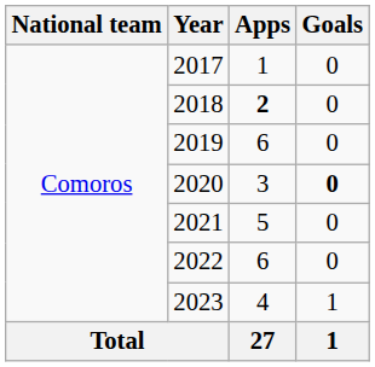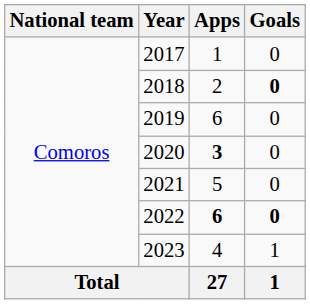 <table class=wikitable style=text-align:center>
 <tr>
 <th>National team</th>
 <th>Year</th>
 <th>Apps</th>
 <th>Goals</th>
 </tr>
 <tr>
 <td rowspan="7"><a href='#'>Comoros</a></td>
 <td>2017</td>
 <td>1</td>
 <td>0</td>
 </tr>
 <tr>
 <td>2018</td>
-<td><strong>2</strong></td>
-<td>0</td>
+<td>2</td>
+<td><strong>0</strong></td>
 </tr>
 <tr>
 <td>2019</td>
 <td>6</td>
 <td>0</td>
 </tr>
 <tr>
 <td>2020</td>
-<td>3</td>
-<td><strong>0</strong></td>
+<td><strong>3</strong></td>
+<td>0</td>
 </tr>
 <tr>
 <td>2021</td>
 <td>5</td>
 <td>0</td>
 </tr>
 <tr>
 <td>2022</td>
-<td>6</td>
-<td>0</td>
+<td><strong>6</strong></td>
+<td><strong>0</strong></td>
 </tr>
 <tr>
 <td>2023</td>
 <td>4</td>
 <td>1</td>
 </tr>
 <tr>
 <th colspan="2">Total</th>
 <th>27</th>
 <th>1</th>
 </tr>
 </table>
